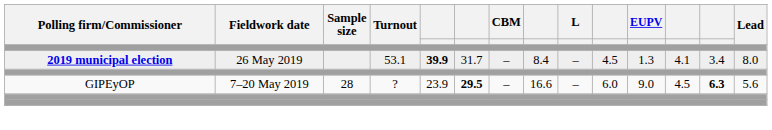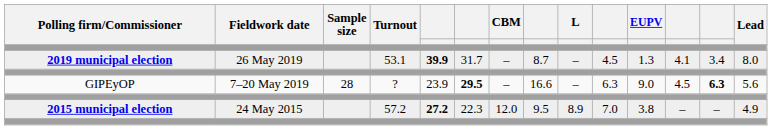 <table class="wikitable collapsible collapsed" style="text-align:center; font-size:95%; line-height:16px;">
 <tr style="height:42px;">
 <th style="width:250px;" rowspan="2">Polling firm/Commissioner</th>
 <th style="width:125px;" rowspan="2">Fieldwork date</th>
 <th style="width:50px;" rowspan="2">Sample size</th>
 <th style="width:45px;" rowspan="2">Turnout</th>
 <th style="width:35px;"></th>
 <th style="width:35px;"></th>
 <th style="width:35px;">CBM</th>
 <th style="width:35px;"></th>
 <th style="width:35px;">L</th>
 <th style="width:35px;"></th>
 <th style="width:35px; font-size:95%;"><a href='#'>EUPV</a></th>
 <th style="width:35px;"></th>
 <th style="width:35px;"></th>
 <th style="width:30px;" rowspan="2">Lead</th>
 </tr>
 <tr>
 <th style="color:inherit;background:"></th>
 <th style="color:inherit;background:"></th>
 <th style="color:inherit;background:"></th>
 <th style="color:inherit;background:"></th>
 <th style="color:inherit;background:"></th>
 <th style="color:inherit;background:"></th>
 <th style="color:inherit;background:"></th>
 <th style="color:inherit;background:"></th>
 <th style="color:inherit;background:"></th>
 </tr>
 <tr>
 <td colspan="14" style="background:#A0A0A0"></td>
 </tr>
 <tr style="background:#EFEFEF;">
 <td><strong><a href='#'>2019 municipal election</a></strong></td>
 <td>26 May 2019</td>
 <td></td>
 <td>53.1</td>
 <td><strong>39.9</strong><br></td>
 <td>31.7<br></td>
 <td>–</td>
-<td>8.4<br></td>
+<td>8.7<br></td>
 <td>–</td>
 <td>4.5<br></td>
 <td>1.3<br></td>
 <td>4.1<br></td>
 <td>3.4<br></td>
 <td style="background:">8.0</td>
 </tr>
 <tr>
 <td colspan="14" style="background:#A0A0A0"></td>
 </tr>
 <tr>
 <td>GIPEyOP</td>
 <td>7–20 May 2019</td>
 <td>28</td>
 <td>?</td>
 <td>23.9<br></td>
 <td><strong>29.5</strong><br></td>
 <td>–</td>
 <td>16.6<br></td>
 <td>–</td>
-<td>6.0<br></td>
+<td>6.3<br></td>
 <td>9.0<br></td>
 <td>4.5<br></td>
 <td><strong>6.3<br></strong></td>
 <td style="background:">5.6</td>
 </tr>
 <tr>
 <td colspan="14" style="background:#A0A0A0"></td>
 </tr>
+<tr style="background:#EFEFEF;">
+<td><strong><a href='#'>2015 municipal election</a></strong></td>
+<td>24 May 2015</td>
+<td></td>
+<td>57.2</td>
+<td><strong>27.2</strong><br></td>
+<td>22.3<br></td>
+<td>12.0<br></td>
+<td>9.5<br></td>
+<td>8.9<br></td>
+<td>7.0<br></td>
+<td>3.8<br></td>
+<td>–</td>
+<td>–</td>
+<td style="background:">4.9</td>
+</tr>
 <tr>
 <td colspan="14" style="background:#A0A0A0"></td>
 </tr>
 </table>
